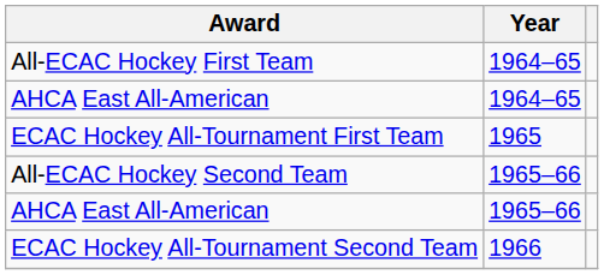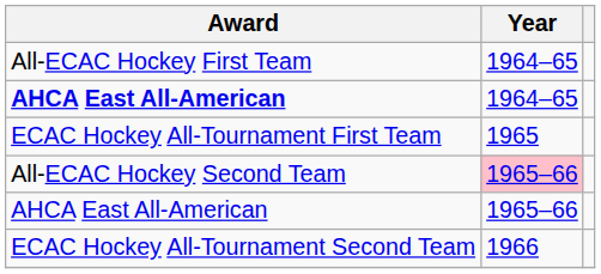 <table class="wikitable">
 <tr>
 <th>Award</th>
 <th>Year</th>
 <th></th>
 </tr>
 <tr>
 <td>All-<a href='#'>ECAC Hockey</a> <a href='#'>First Team</a></td>
 <td><a href='#'>1964–65</a></td>
 <td></td>
 </tr>
 <tr>
-<td><a href='#'>AHCA</a> <a href='#'>East All-American</a></td>
+<td><strong><a href='#'>AHCA</a> <a href='#'>East All-American</a></strong></td>
 <td><a href='#'>1964–65</a></td>
 <td></td>
 </tr>
 <tr>
 <td><a href='#'>ECAC Hockey</a> <a href='#'>All-Tournament First Team</a></td>
 <td><a href='#'>1965</a></td>
 <td></td>
 </tr>
 <tr>
 <td>All-<a href='#'>ECAC Hockey</a> <a href='#'>Second Team</a></td>
-<td><a href='#'>1965–66</a></td>
+<td style="background: pink;"><a href='#'>1965–66</a></td>
 <td></td>
 </tr>
 <tr>
 <td><a href='#'>AHCA</a> <a href='#'>East All-American</a></td>
 <td><a href='#'>1965–66</a></td>
 <td></td>
 </tr>
 <tr>
 <td><a href='#'>ECAC Hockey</a> <a href='#'>All-Tournament Second Team</a></td>
 <td><a href='#'>1966</a></td>
 <td></td>
 </tr>
 <tr>
 </tr>
 </table>
